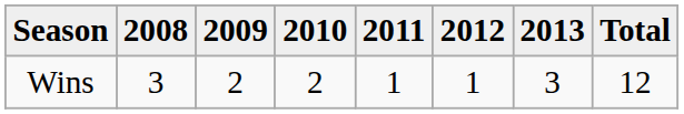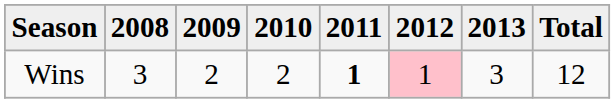 <table class="wikitable sortable">
 <tr style=background:#efefef;font-weight:bold>
 <td>Season</td>
 <td>2008</td>
 <td>2009</td>
 <td>2010</td>
 <td>2011</td>
 <td>2012</td>
 <td>2013</td>
 <td><strong>Total</strong></td>
 </tr>
 <tr align="center">
 <td>Wins</td>
 <td>3</td>
 <td>2</td>
 <td>2</td>
-<td>1</td>
-<td>1</td>
+<td><strong>1</strong></td>
+<td style="background: pink;">1</td>
 <td>3</td>
 <td>12</td>
 </tr>
 </table>
